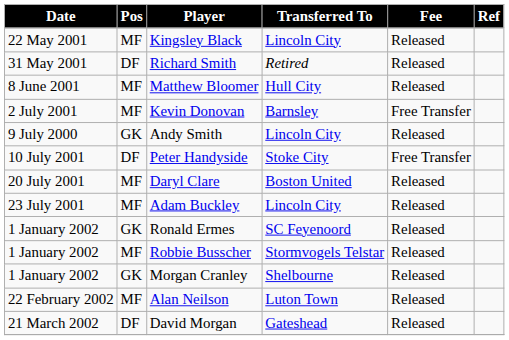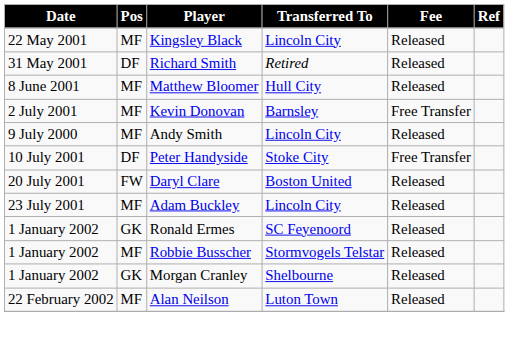 <table class="wikitable plainrowheaders sortable">
 <tr>
 <th style="background:#000000; color:#FFFFFF; ">Date</th>
 <th style="background:#000000; color:#FFFFff; ">Pos</th>
 <th style="background:#000000; color:#FFFFff; ">Player</th>
 <th style="background:#000000; color:#FFFFff; ">Transferred To</th>
 <th style="background:#000000; color:#FFFFff; ">Fee</th>
 <th style="background:#000000; color:#FFFFff; ">Ref</th>
 </tr>
 <tr>
 <td>22 May 2001</td>
 <td>MF</td>
 <td> <a href='#'>Kingsley Black</a></td>
 <td> <a href='#'>Lincoln City</a></td>
 <td>Released</td>
 <td></td>
 </tr>
 <tr>
 <td>31 May 2001</td>
 <td>DF</td>
 <td> <a href='#'>Richard Smith</a></td>
 <td><em>Retired</em></td>
 <td>Released</td>
 <td></td>
 </tr>
 <tr>
 <td>8 June 2001</td>
 <td>MF</td>
 <td> <a href='#'>Matthew Bloomer</a></td>
 <td> <a href='#'>Hull City</a></td>
 <td>Released</td>
 <td></td>
 </tr>
 <tr>
 <td>2 July 2001</td>
 <td>MF</td>
 <td> <a href='#'>Kevin Donovan</a></td>
 <td> <a href='#'>Barnsley</a></td>
 <td>Free Transfer</td>
 <td></td>
 </tr>
 <tr>
 <td>9 July 2000</td>
-<td>GK</td>
+<td>MF</td>
 <td> Andy Smith</td>
 <td> <a href='#'>Lincoln City</a></td>
 <td>Released</td>
 <td></td>
 </tr>
 <tr>
 <td>10 July 2001</td>
 <td>DF</td>
 <td> <a href='#'>Peter Handyside</a></td>
 <td> <a href='#'>Stoke City</a></td>
 <td>Free Transfer</td>
 <td></td>
 </tr>
 <tr>
 <td>20 July 2001</td>
-<td>MF</td>
+<td>FW</td>
 <td> <a href='#'>Daryl Clare</a></td>
 <td> <a href='#'>Boston United</a></td>
 <td>Released</td>
 <td></td>
 </tr>
 <tr>
 <td>23 July 2001</td>
 <td>MF</td>
 <td> <a href='#'>Adam Buckley</a></td>
 <td> <a href='#'>Lincoln City</a></td>
 <td>Released</td>
 <td></td>
 </tr>
 <tr>
 <td>1 January 2002</td>
 <td>GK</td>
 <td> Ronald Ermes</td>
 <td> <a href='#'>SC Feyenoord</a></td>
 <td>Released</td>
 <td></td>
 </tr>
 <tr>
 <td>1 January 2002</td>
 <td>MF</td>
 <td> <a href='#'>Robbie Busscher</a></td>
 <td> <a href='#'>Stormvogels Telstar</a></td>
 <td>Released</td>
 <td></td>
 </tr>
 <tr>
 <td>1 January 2002</td>
 <td>GK</td>
 <td> Morgan Cranley</td>
 <td> <a href='#'>Shelbourne</a></td>
 <td>Released</td>
 <td></td>
 </tr>
 <tr>
 <td>22 February 2002</td>
 <td>MF</td>
 <td> <a href='#'>Alan Neilson</a></td>
 <td> <a href='#'>Luton Town</a></td>
 <td>Released</td>
 <td></td>
 </tr>
 <tr>
-<td>21 March 2002</td>
-<td>DF</td>
-<td> David Morgan</td>
-<td> <a href='#'>Gateshead</a></td>
-<td>Released</td>
-<td></td>
-</tr>
-<tr>
 </tr>
 </table>
